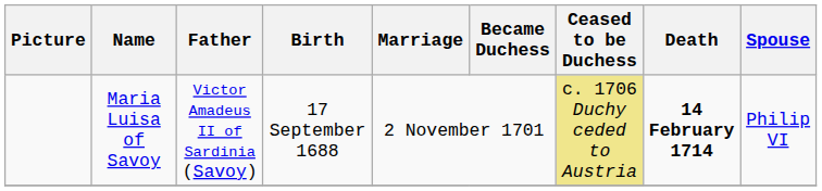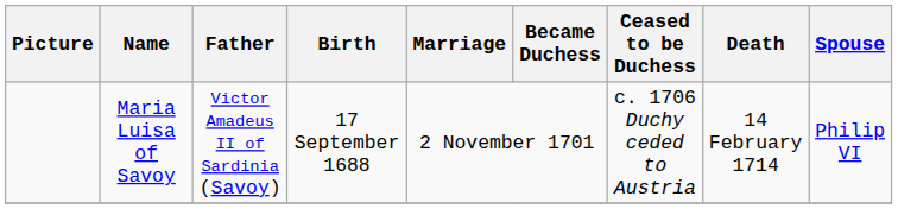 <table width=95% class="wikitable">
 <tr>
 <th width = "8%">Picture</th>
 <th width = "10%">Name</th>
 <th width = "9%">Father</th>
 <th width = "10%">Birth</th>
 <th width = "9%">Marriage</th>
 <th width = "9%">Became Duchess</th>
 <th width = "9%">Ceased to be Duchess</th>
 <th width = "9%">Death</th>
 <th width = "7%"><a href='#'>Spouse</a></th>
 </tr>
 <tr>
 <td align="center"></td>
 <td align="center"><a href='#'>Maria Luisa of Savoy</a></td>
 <td align="center"><small><a href='#'>Victor Amadeus II of Sardinia</a></small><br>(<a href='#'>Savoy</a>)</td>
 <td align="center">17 September 1688</td>
 <td align="center" colspan="2">2 November 1701</td>
-<td align="center" style="background: khaki;">c. 1706<br><em>Duchy ceded to Austria</em></td>
-<td align="center"><strong>14 February 1714</strong></td>
+<td align="center">c. 1706<br><em>Duchy ceded to Austria</em></td>
+<td align="center">14 February 1714</td>
 <td align="center"><a href='#'>Philip VI</a></td>
 </tr>
 <tr>
 </tr>
 </table>
